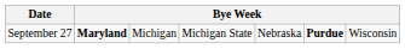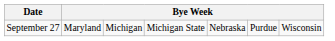 <table class="wikitable" style="font-size:95%;">
 <tr>
 <th>Date</th>
 <th colspan="6">Bye Week</th>
 </tr>
 <tr>
 <td>September 27</td>
-<td><strong>Maryland</strong></td>
+<td>Maryland</td>
 <td>Michigan</td>
 <td>Michigan State</td>
 <td>Nebraska</td>
-<td><strong>Purdue</strong></td>
+<td>Purdue</td>
 <td>Wisconsin</td>
 </tr>
 </table>
